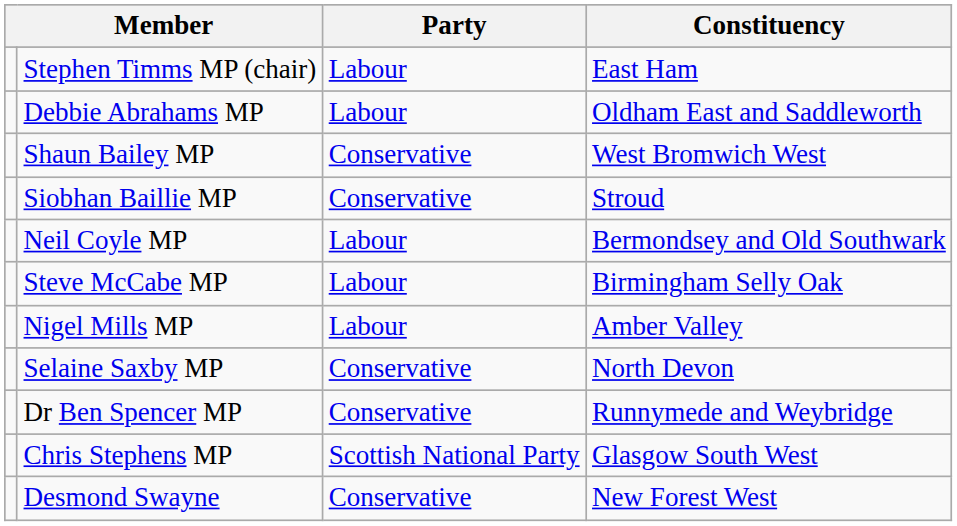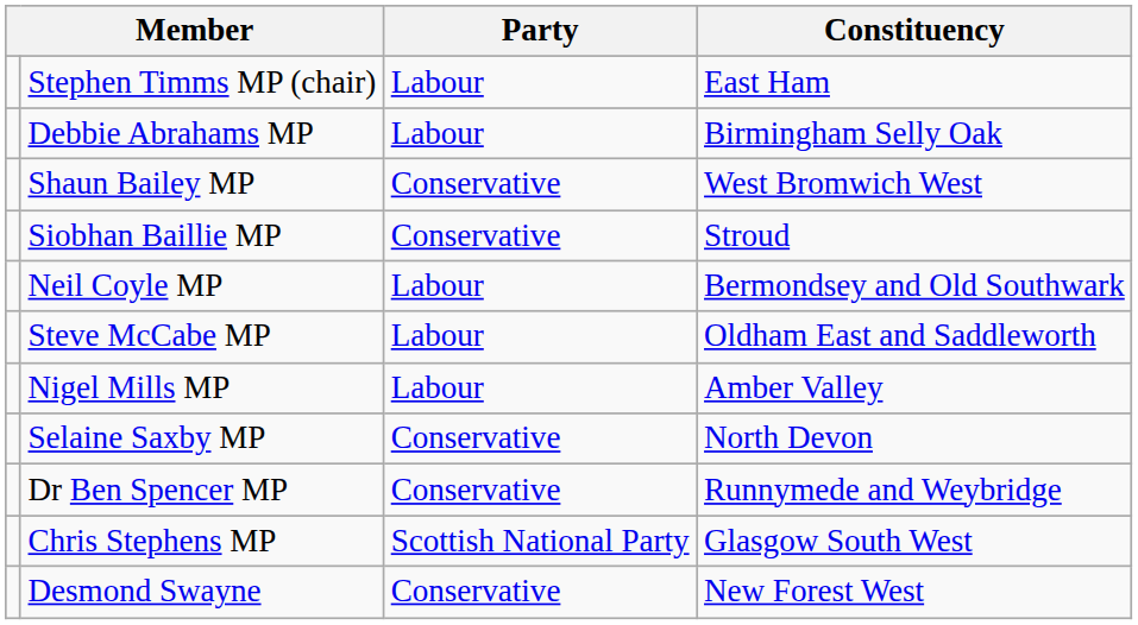 <table class="wikitable">
 <tr>
 <th colspan="2" valign="top">Member</th>
 <th valign="top">Party</th>
 <th valign="top">Constituency</th>
 </tr>
 <tr>
 <td style="color:inherit;background:"></td>
 <td><a href='#'>Stephen Timms</a> MP (chair)</td>
 <td><a href='#'>Labour</a></td>
 <td><a href='#'>East Ham</a></td>
 </tr>
 <tr>
 <td style="color:inherit;background:"></td>
 <td><a href='#'>Debbie Abrahams</a> MP</td>
 <td><a href='#'>Labour</a></td>
-<td><a href='#'>Oldham East and Saddleworth</a></td>
+<td><a href='#'>Birmingham Selly Oak</a></td>
 </tr>
 <tr>
 <td style="color:inherit;background:"></td>
 <td><a href='#'>Shaun Bailey</a> MP</td>
 <td><a href='#'>Conservative</a></td>
 <td><a href='#'>West Bromwich West</a></td>
 </tr>
 <tr>
 <td style="color:inherit;background:"></td>
 <td><a href='#'>Siobhan Baillie</a> MP</td>
 <td><a href='#'>Conservative</a></td>
 <td><a href='#'>Stroud</a></td>
 </tr>
 <tr>
 <td style="color:inherit;background:"></td>
 <td><a href='#'>Neil Coyle</a> MP</td>
 <td><a href='#'>Labour</a></td>
 <td><a href='#'>Bermondsey and Old Southwark</a></td>
 </tr>
 <tr>
 <td style="color:inherit;background:"></td>
 <td><a href='#'>Steve McCabe</a> MP</td>
 <td><a href='#'>Labour</a></td>
-<td><a href='#'>Birmingham Selly Oak</a></td>
+<td><a href='#'>Oldham East and Saddleworth</a></td>
 </tr>
 <tr>
 <td style="color:inherit;background:"></td>
 <td><a href='#'>Nigel Mills</a> MP</td>
 <td><a href='#'>Labour</a></td>
 <td><a href='#'>Amber Valley</a></td>
 </tr>
 <tr>
 <td style="color:inherit;background:"></td>
 <td><a href='#'>Selaine Saxby</a> MP</td>
 <td><a href='#'>Conservative</a></td>
 <td><a href='#'>North Devon</a></td>
 </tr>
 <tr>
 <td style="color:inherit;background:"></td>
 <td>Dr <a href='#'>Ben Spencer</a> MP</td>
 <td><a href='#'>Conservative</a></td>
 <td><a href='#'>Runnymede and Weybridge</a></td>
 </tr>
 <tr>
 <td style="color:inherit;background:"></td>
 <td><a href='#'>Chris Stephens</a> MP</td>
 <td><a href='#'>Scottish National Party</a></td>
 <td><a href='#'>Glasgow South West</a></td>
 </tr>
 <tr>
 <td style="color:inherit;background:"></td>
 <td><a href='#'>Desmond Swayne</a></td>
 <td><a href='#'>Conservative</a></td>
 <td><a href='#'>New Forest West</a></td>
 </tr>
 </table>
